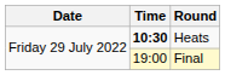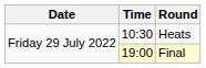 <table class="wikitable">
 <tr>
 <th>Date</th>
 <th>Time</th>
 <th>Round</th>
 </tr>
 <tr>
 <td rowspan=2>Friday 29 July 2022</td>
-<td><strong>10:30</strong></td>
+<td>10:30</td>
 <td>Heats</td>
 </tr>
 <tr>
 <td style=background:lemonchiffon>19:00</td>
 <td style=background:lemonchiffon>Final</td>
 </tr>
 </table>
